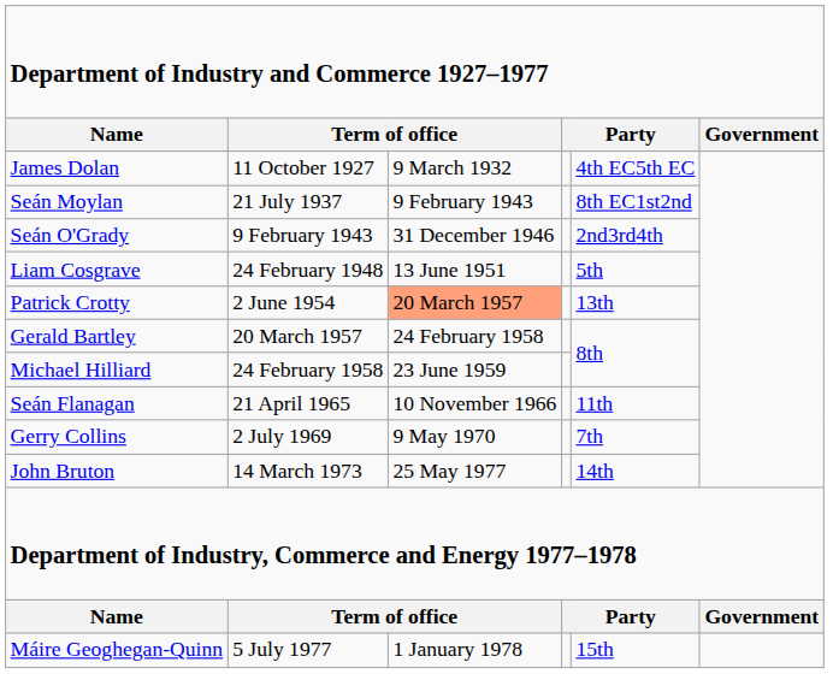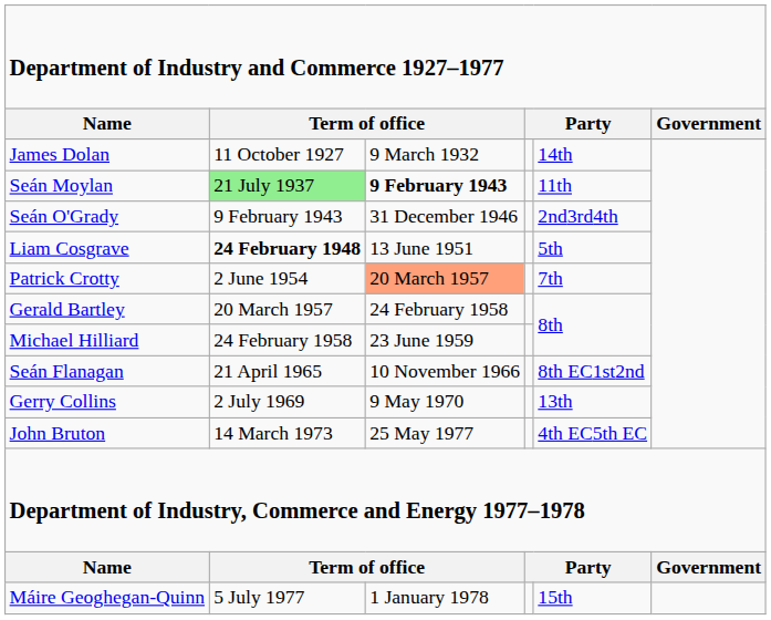 <table class="wikitable">
 <tr>
 <td colspan=6><br><h3>Department of Industry and Commerce 1927–1977</h3></td>
 </tr>
 <tr>
 <th>Name</th>
 <th colspan=2>Term of office</th>
 <th colspan=2>Party</th>
 <th>Government</th>
 </tr>
 <tr>
 <td><a href='#'>James Dolan</a></td>
 <td>11 October 1927</td>
 <td>9 March 1932</td>
 <td></td>
-<td><a href='#'>4th EC</a><a href='#'>5th EC</a></td>
+<td><a href='#'>14th</a></td>
 </tr>
 <tr>
 <td><a href='#'>Seán Moylan</a></td>
-<td>21 July 1937</td>
-<td>9 February 1943</td>
+<td style="background: lightgreen;">21 July 1937</td>
+<td><strong>9 February 1943</strong></td>
 <td></td>
-<td><a href='#'>8th EC</a><a href='#'>1st</a><a href='#'>2nd</a></td>
+<td><a href='#'>11th</a></td>
 </tr>
 <tr>
 <td><a href='#'>Seán O'Grady</a></td>
 <td>9 February 1943</td>
 <td>31 December 1946</td>
 <td></td>
 <td><a href='#'>2nd</a><a href='#'>3rd</a><a href='#'>4th</a></td>
 </tr>
 <tr>
 <td><a href='#'>Liam Cosgrave</a></td>
-<td>24 February 1948</td>
+<td><strong>24 February 1948</strong></td>
 <td>13 June 1951</td>
 <td></td>
 <td><a href='#'>5th</a></td>
 </tr>
 <tr>
 <td><a href='#'>Patrick Crotty</a></td>
 <td>2 June 1954</td>
 <td style="background: lightsalmon;">20 March 1957</td>
 <td></td>
-<td><a href='#'>13th</a></td>
+<td><a href='#'>7th</a></td>
 </tr>
 <tr>
 <td><a href='#'>Gerald Bartley</a></td>
 <td>20 March 1957</td>
 <td>24 February 1958</td>
 <td></td>
 <td rowspan=2><a href='#'>8th</a></td>
 </tr>
 <tr>
 <td><a href='#'>Michael Hilliard</a></td>
 <td>24 February 1958</td>
 <td>23 June 1959</td>
 <td></td>
 </tr>
 <tr>
 <td><a href='#'>Seán Flanagan</a></td>
 <td>21 April 1965</td>
 <td>10 November 1966</td>
 <td></td>
-<td><a href='#'>11th</a></td>
+<td><a href='#'>8th EC</a><a href='#'>1st</a><a href='#'>2nd</a></td>
 </tr>
 <tr>
 <td><a href='#'>Gerry Collins</a></td>
 <td>2 July 1969</td>
 <td>9 May 1970</td>
 <td></td>
-<td><a href='#'>7th</a></td>
+<td><a href='#'>13th</a></td>
 </tr>
 <tr>
 <td><a href='#'>John Bruton</a></td>
 <td>14 March 1973</td>
 <td>25 May 1977</td>
 <td></td>
-<td><a href='#'>14th</a></td>
+<td><a href='#'>4th EC</a><a href='#'>5th EC</a></td>
 </tr>
 <tr>
 <td colspan=6><br><h3>Department of Industry, Commerce and Energy 1977–1978</h3></td>
 </tr>
 <tr>
 <th>Name</th>
 <th colspan=2>Term of office</th>
 <th colspan=2>Party</th>
 <th>Government</th>
 </tr>
 <tr>
 <td><a href='#'>Máire Geoghegan-Quinn</a></td>
 <td>5 July 1977</td>
 <td>1 January 1978</td>
 <td></td>
 <td><a href='#'>15th</a></td>
 </tr>
 </table>
